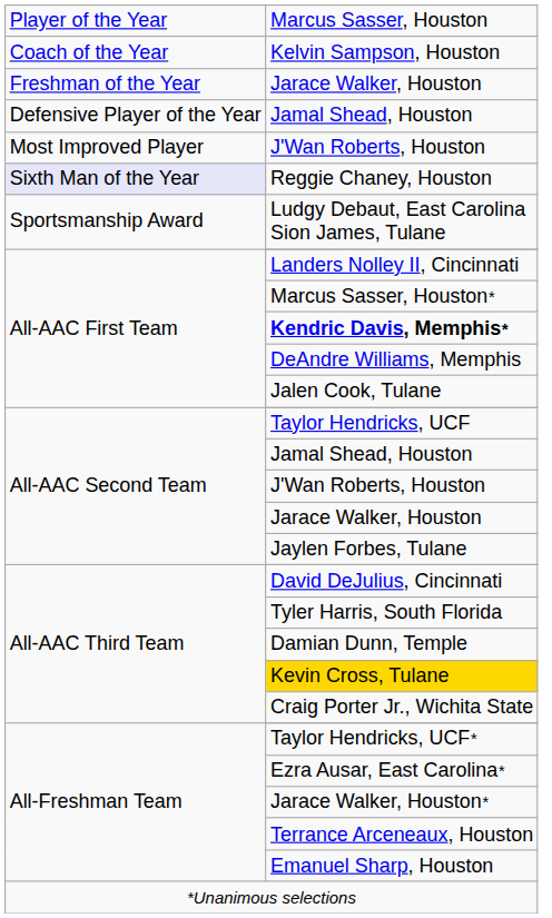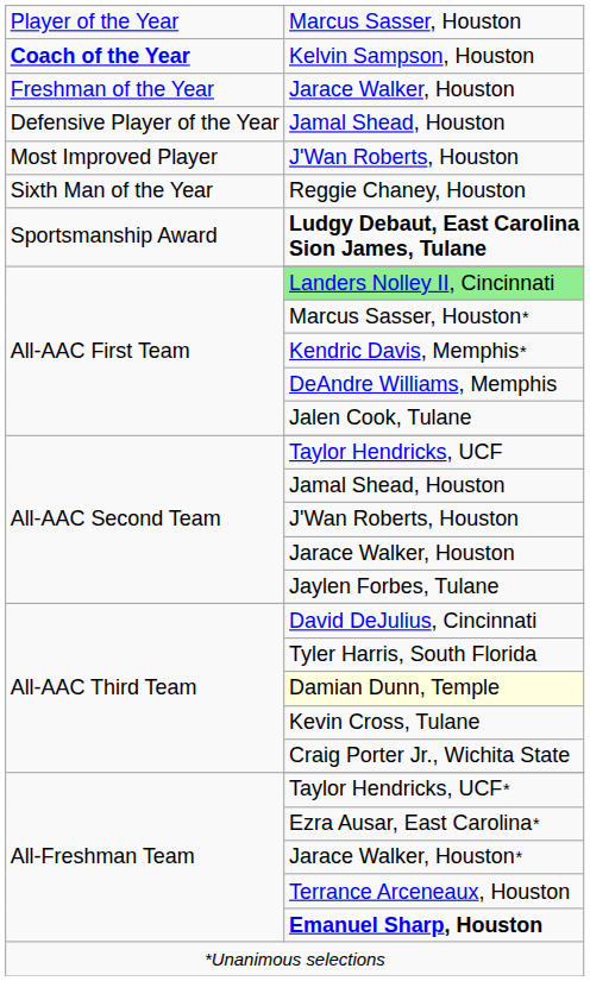 <table class="wikitable">
 <tr>
 <td><a href='#'>Player of the Year</a></td>
 <td><a href='#'>Marcus Sasser</a>, Houston</td>
 </tr>
 <tr>
-<td><a href='#'>Coach of the Year</a></td>
+<td><strong><a href='#'>Coach of the Year</a></strong></td>
 <td><a href='#'>Kelvin Sampson</a>, Houston</td>
 </tr>
 <tr>
 <td><a href='#'>Freshman of the Year</a></td>
 <td><a href='#'>Jarace Walker</a>, Houston</td>
 </tr>
 <tr>
 <td>Defensive Player of the Year</td>
 <td><a href='#'>Jamal Shead</a>, Houston</td>
 </tr>
 <tr>
 <td>Most Improved Player</td>
 <td><a href='#'>J'Wan Roberts</a>, Houston</td>
 </tr>
 <tr>
-<td style="background: lavender;">Sixth Man of the Year</td>
+<td>Sixth Man of the Year</td>
 <td>Reggie Chaney, Houston</td>
 </tr>
 <tr>
 <td>Sportsmanship Award</td>
-<td>Ludgy Debaut, East Carolina <br> Sion James, Tulane</td>
+<td><strong>Ludgy Debaut, East Carolina <br> Sion James, Tulane</strong></td>
 </tr>
 <tr>
 <td rowspan="6" valign="middle">All-AAC First Team</td>
 </tr>
 <tr>
-<td><a href='#'>Landers Nolley II</a>, Cincinnati</td>
+<td style="background: lightgreen;"><a href='#'>Landers Nolley II</a>, Cincinnati</td>
 </tr>
 <tr>
 <td>Marcus Sasser, Houston<small><em>*</em></small></td>
 </tr>
 <tr>
-<td><strong><a href='#'>Kendric Davis</a>, Memphis<small><em>*</em></small></strong></td>
+<td><a href='#'>Kendric Davis</a>, Memphis<small><em>*</em></small></td>
 </tr>
 <tr>
 <td><a href='#'>DeAndre Williams</a>, Memphis</td>
 </tr>
 <tr>
 <td>Jalen Cook, Tulane</td>
 </tr>
 <tr>
 <td rowspan="6" valign="middle">All-AAC Second Team</td>
 </tr>
 <tr>
 <td><a href='#'>Taylor Hendricks</a>, UCF</td>
 </tr>
 <tr>
 <td>Jamal Shead, Houston</td>
 </tr>
 <tr>
 <td>J'Wan Roberts, Houston</td>
 </tr>
 <tr>
 <td>Jarace Walker, Houston</td>
 </tr>
 <tr>
 <td>Jaylen Forbes, Tulane</td>
 </tr>
 <tr>
 <td rowspan="6" valign="middle">All-AAC Third Team</td>
 </tr>
 <tr>
 <td><a href='#'>David DeJulius</a>, Cincinnati</td>
 </tr>
 <tr>
 <td>Tyler Harris, South Florida</td>
 </tr>
 <tr>
-<td>Damian Dunn, Temple</td>
+<td style="background: lightyellow;">Damian Dunn, Temple</td>
 </tr>
 <tr>
-<td style="background: gold;">Kevin Cross, Tulane</td>
+<td>Kevin Cross, Tulane</td>
 </tr>
 <tr>
 <td>Craig Porter Jr., Wichita State</td>
 </tr>
 <tr>
 <td rowspan="6" valign="middle">All-Freshman Team</td>
 </tr>
 <tr>
 <td>Taylor Hendricks, UCF<small><em>*</em></small></td>
 </tr>
 <tr>
 <td>Ezra Ausar, East Carolina<small><em>*</em></small></td>
 </tr>
 <tr>
 <td>Jarace Walker, Houston<small><em>*</em></small></td>
 </tr>
 <tr>
 <td><a href='#'>Terrance Arceneaux</a>, Houston</td>
 </tr>
 <tr>
-<td><a href='#'>Emanuel Sharp</a>, Houston</td>
+<td><strong><a href='#'>Emanuel Sharp</a>, Houston</strong></td>
 </tr>
 <tr>
 <td colspan="3" align="center"><small><em>*Unanimous selections</em></small></td>
 </tr>
 </table>
